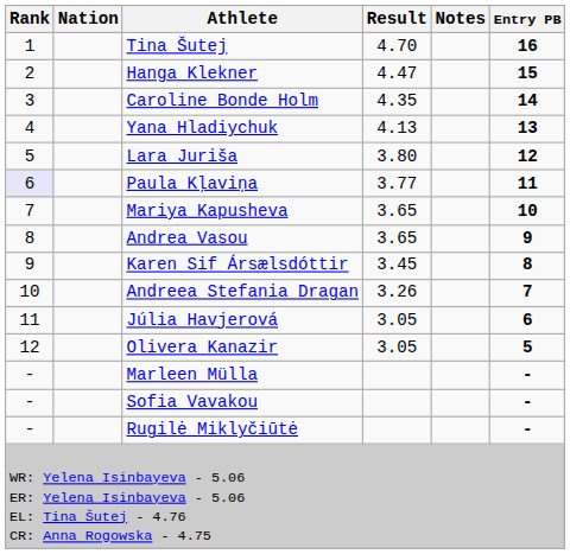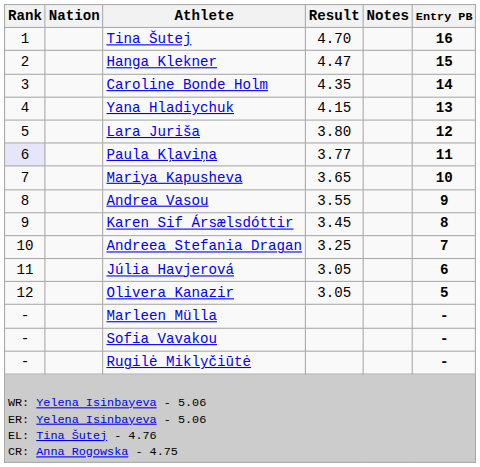 <table class="wikitable sortable" style="text-align:left;">
 <tr>
 <th>Rank</th>
 <th>Nation</th>
 <th>Athlete</th>
 <th>Result</th>
 <th>Notes</th>
 <th><small>Entry PB</small></th>
 </tr>
 <tr>
 <td align=center>1</td>
 <td></td>
 <td><a href='#'>Tina Šutej</a></td>
 <td align=center>4.70</td>
 <td></td>
 <td align=center><strong>16</strong></td>
 </tr>
 <tr>
 <td align=center>2</td>
 <td></td>
 <td><a href='#'>Hanga Klekner</a></td>
 <td align=center>4.47</td>
 <td align=center></td>
 <td align=center><strong>15</strong></td>
 </tr>
 <tr>
 <td align=center>3</td>
 <td></td>
 <td><a href='#'>Caroline Bonde Holm</a></td>
 <td align=center>4.35</td>
 <td></td>
 <td align=center><strong>14</strong></td>
 </tr>
 <tr>
 <td align=center>4</td>
 <td></td>
 <td><a href='#'>Yana Hladiychuk</a></td>
-<td align=center>4.13</td>
+<td align=center>4.15</td>
 <td></td>
 <td align=center><strong>13</strong></td>
 </tr>
 <tr>
 <td align=center>5</td>
 <td></td>
 <td><a href='#'>Lara Juriša</a></td>
 <td align=center>3.80</td>
 <td></td>
 <td align=center><strong>12</strong></td>
 </tr>
 <tr>
 <td align=center style="background: lavender;">6</td>
 <td></td>
 <td><a href='#'>Paula Kļaviņa</a></td>
 <td align=center>3.77</td>
 <td align=center></td>
 <td align=center><strong>11</strong></td>
 </tr>
 <tr>
 <td align=center>7</td>
 <td></td>
 <td><a href='#'>Mariya Kapusheva</a></td>
 <td align=center>3.65</td>
 <td align=center></td>
 <td align=center><strong>10</strong></td>
 </tr>
 <tr>
 <td align=center>8</td>
 <td></td>
 <td><a href='#'>Andrea Vasou</a></td>
-<td align=center>3.65</td>
+<td align=center>3.55</td>
 <td align=center></td>
 <td align=center><strong>9</strong></td>
 </tr>
 <tr>
 <td align=center>9</td>
 <td></td>
 <td><a href='#'>Karen Sif Ársælsdóttir</a></td>
 <td align=center>3.45</td>
 <td></td>
 <td align=center><strong>8</strong></td>
 </tr>
 <tr>
 <td align=center>10</td>
 <td></td>
 <td><a href='#'>Andreea Stefania Dragan</a></td>
-<td align=center>3.26</td>
+<td align=center>3.25</td>
 <td></td>
 <td align=center><strong>7</strong></td>
 </tr>
 <tr>
 <td align=center>11</td>
 <td></td>
 <td><a href='#'>Júlia Havjerová</a></td>
 <td align=center>3.05</td>
 <td></td>
 <td align=center><strong>6</strong></td>
 </tr>
 <tr>
 <td align=center>12</td>
 <td></td>
 <td><a href='#'>Olivera Kanazir</a></td>
 <td align=center>3.05</td>
 <td align=center></td>
 <td align=center><strong>5</strong></td>
 </tr>
 <tr>
 <td align=center>-</td>
 <td></td>
 <td><a href='#'>Marleen Mülla</a></td>
 <td align=center></td>
 <td></td>
 <td align=center><strong>-</strong></td>
 </tr>
 <tr>
 <td align=center>-</td>
 <td></td>
 <td><a href='#'>Sofia Vavakou</a></td>
 <td align=center></td>
 <td></td>
 <td align=center><strong>-</strong></td>
 </tr>
 <tr>
 <td align=center>-</td>
 <td></td>
 <td><a href='#'>Rugilė Miklyčiūtė</a></td>
 <td align=center></td>
 <td></td>
 <td align=center><strong>-</strong></td>
 </tr>
 <tr>
 <td colspan="6" bgcolor="#cccccc"><br> <small>WR:   <a href='#'>Yelena Isinbayeva</a> - 5.06<br>ER:  <a href='#'>Yelena Isinbayeva</a> - 5.06<br></small> <small>EL:   <a href='#'>Tina Šutej</a> - 4.76<br>CR:  <a href='#'>Anna Rogowska</a> - 4.75</small></td>
 </tr>
 </table>
